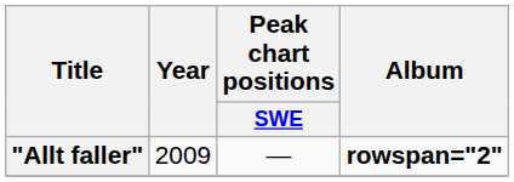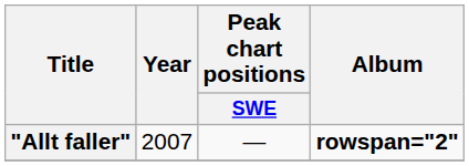 <table class="wikitable plainrowheaders" style="text-align:center;">
 <tr>
 <th scope="col" rowspan="2">Title</th>
 <th scope="col" rowspan="2">Year</th>
 <th scope="col" colspan="1">Peak chart positions</th>
 <th scope="col" rowspan="2">Album</th>
 </tr>
 <tr>
 <th scope="col" style="width:3em;font-size:85%;"><a href='#'>SWE</a></th>
 </tr>
 <tr>
 <th scope="row">"Allt faller"</th>
-<td>2009</td>
+<td>2007</td>
 <td>—</td>
 <td><strong>rowspan="2" </strong></td>
 </tr>
 <tr>
 </tr>
 </table>
